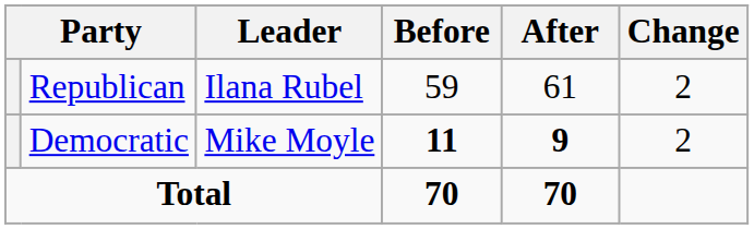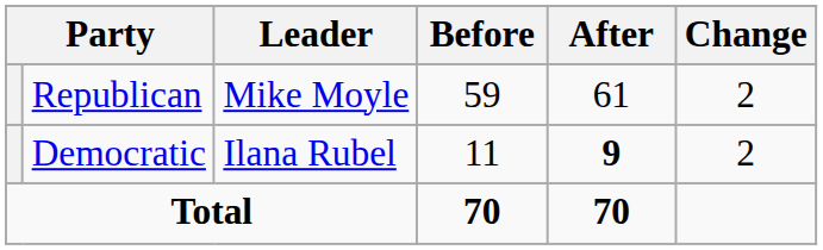 <table class="wikitable" style="text-align:center;">
 <tr>
 </tr>
 <tr>
 <th colspan="2">Party</th>
 <th>Leader</th>
 <th style="width:3em">Before</th>
 <th style="width:3em">After</th>
 <th style="width:3em">Change</th>
 </tr>
 <tr>
 <th style="background-color:"></th>
 <td style="text-align:left;"><a href='#'>Republican</a></td>
-<td style="text-align:left;"><a href='#'>Ilana Rubel</a></td>
+<td style="text-align:left;"><a href='#'>Mike Moyle</a></td>
 <td>59</td>
 <td>61</td>
 <td> 2</td>
 </tr>
 <tr>
 <th style="background-color:"></th>
 <td style="text-align:left;"><a href='#'>Democratic</a></td>
-<td style="text-align:left;"><a href='#'>Mike Moyle</a></td>
-<td><strong>11</strong></td>
+<td style="text-align:left;"><a href='#'>Ilana Rubel</a></td>
+<td>11</td>
 <td><strong>9</strong></td>
 <td> 2</td>
 </tr>
 <tr>
 <td colspan="3"><strong>Total</strong></td>
 <td><strong>70</strong></td>
 <td><strong>70</strong></td>
 <td></td>
 </tr>
 </table>
